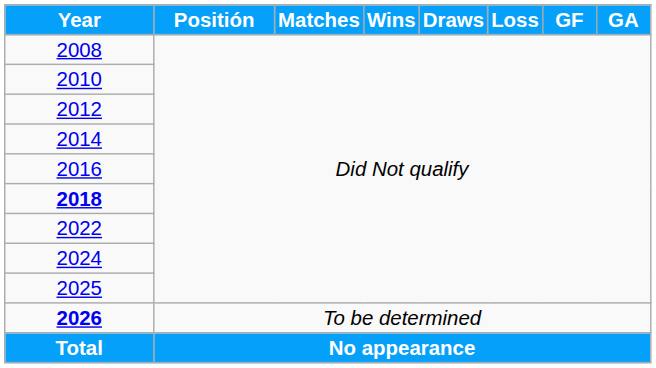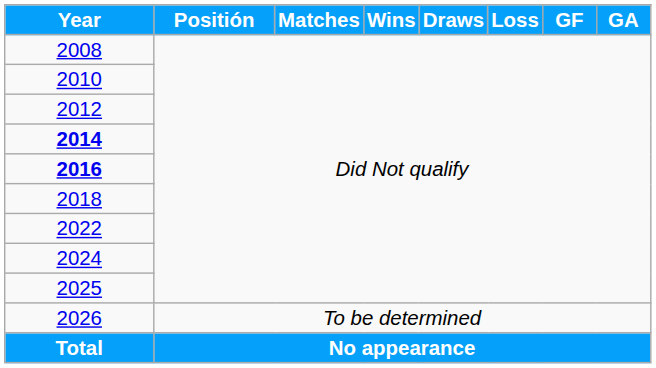 <table align=border border=1 cellpadding="2" cellspacing="0" style="background: #f9f9f9; border: 1px #aaa solid; border-collapse: collapse; font-size: 90%; text-align: center;">
 <tr bgcolor=#04a0fa style="color:white">
 <th width="100">Year</th>
 <th width="80">Positión</th>
 <th width="33">Matches</th>
 <th width="33">Wins</th>
 <th width="33">Draws</th>
 <th width="33">Loss</th>
 <th width="33">GF</th>
 <th width="33">GA</th>
 </tr>
 <tr>
 <td> <a href='#'>2008</a></td>
 <td colspan="7" rowspan="9"><em>Did Not qualify</em></td>
 </tr>
 <tr>
 <td> <a href='#'>2010</a></td>
 </tr>
 <tr>
 <td> <a href='#'>2012</a></td>
 </tr>
 <tr>
-<td> <a href='#'>2014</a></td>
+<td><strong> <a href='#'>2014</a></strong></td>
 </tr>
 <tr>
-<td> <a href='#'>2016</a></td>
+<td><strong> <a href='#'>2016</a></strong></td>
 </tr>
 <tr>
-<td><strong> <a href='#'>2018</a></strong></td>
+<td> <a href='#'>2018</a></td>
 </tr>
 <tr>
 <td> <a href='#'>2022</a></td>
 </tr>
 <tr>
 <td> <a href='#'>2024</a></td>
 </tr>
 <tr>
 <td> <a href='#'>2025</a></td>
 </tr>
 <tr>
-<td><strong> <a href='#'>2026</a></strong></td>
+<td> <a href='#'>2026</a></td>
 <td colspan="7"><em>To be determined</em></td>
 </tr>
 <tr bgcolor=#04a0fa style="color:white">
 <td><strong>Total</strong></td>
 <td colspan="7"><strong>No appearance</strong></td>
 </tr>
 </table>
